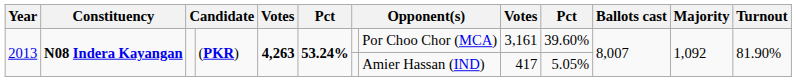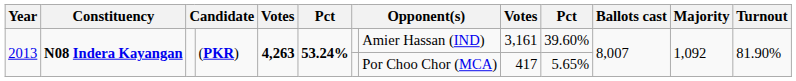 <table class="wikitable" style="margin:0.5em ; font-size:95%">
 <tr>
 <th>Year</th>
 <th>Constituency</th>
 <th colspan=2>Candidate</th>
 <th>Votes</th>
 <th>Pct</th>
 <th colspan=2>Opponent(s)</th>
 <th>Votes</th>
 <th>Pct</th>
 <th>Ballots cast</th>
 <th>Majority</th>
 <th>Turnout</th>
 </tr>
 <tr>
 <td rowspan="3"><a href='#'>2013</a></td>
 <td rowspan="3"><strong>N08 <a href='#'>Indera Kayangan</a></strong></td>
 <td rowspan="3" ></td>
 <td rowspan="3"> (<a href='#'><strong>PKR</strong></a>)</td>
 <td rowspan="3" align=right><strong>4,263</strong></td>
 <td rowspan="3"><strong>53.24%</strong></td>
 <td></td>
-<td>Por Choo Chor (<a href='#'>MCA</a>)</td>
+<td>Amier Hassan (<a href='#'>IND</a>)</td>
 <td align=right>3,161</td>
 <td>39.60%</td>
 <td rowspan="3">8,007</td>
 <td rowspan="3">1,092</td>
 <td rowspan="3">81.90%</td>
 </tr>
 <tr>
 <td></td>
-<td>Amier Hassan (<a href='#'>IND</a>)</td>
+<td>Por Choo Chor (<a href='#'>MCA</a>)</td>
 <td align=right>417</td>
-<td align=right>5.05%</td>
+<td align=right>5.65%</td>
 </tr>
 </table>
